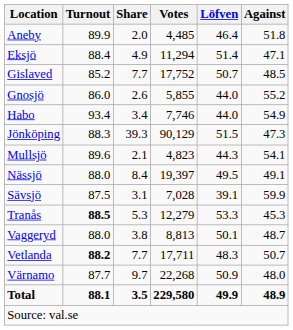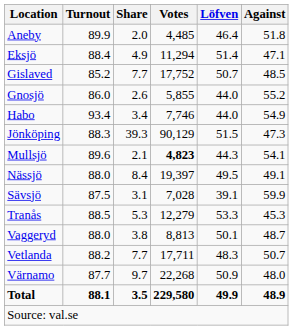 <table class="wikitable sortable" style=text-align:right>
 <tr>
 <th>Location</th>
 <th>Turnout</th>
 <th>Share</th>
 <th>Votes</th>
 <th><a href='#'>Löfven</a></th>
 <th>Against</th>
 </tr>
 <tr>
 <td align=left><a href='#'>Aneby</a></td>
 <td>89.9</td>
 <td>2.0</td>
 <td>4,485</td>
 <td>46.4</td>
 <td>51.8</td>
 </tr>
 <tr>
 <td align=left><a href='#'>Eksjö</a></td>
 <td>88.4</td>
 <td>4.9</td>
 <td>11,294</td>
 <td>51.4</td>
 <td>47.1</td>
 </tr>
 <tr>
 <td align=left><a href='#'>Gislaved</a></td>
 <td>85.2</td>
 <td>7.7</td>
 <td>17,752</td>
 <td>50.7</td>
 <td>48.5</td>
 </tr>
 <tr>
 <td align=left><a href='#'>Gnosjö</a></td>
 <td>86.0</td>
 <td>2.6</td>
 <td>5,855</td>
 <td>44.0</td>
 <td>55.2</td>
 </tr>
 <tr>
 <td align=left><a href='#'>Habo</a></td>
 <td>93.4</td>
 <td>3.4</td>
 <td>7,746</td>
 <td>44.0</td>
 <td>54.9</td>
 </tr>
 <tr>
 <td align=left><a href='#'>Jönköping</a></td>
 <td>88.3</td>
 <td>39.3</td>
 <td>90,129</td>
 <td>51.5</td>
 <td>47.3</td>
 </tr>
 <tr>
 <td align=left><a href='#'>Mullsjö</a></td>
 <td>89.6</td>
 <td>2.1</td>
-<td>4,823</td>
+<td><strong>4,823</strong></td>
 <td>44.3</td>
 <td>54.1</td>
 </tr>
 <tr>
 <td align=left><a href='#'>Nässjö</a></td>
 <td>88.0</td>
 <td>8.4</td>
 <td>19,397</td>
 <td>49.5</td>
 <td>49.1</td>
 </tr>
 <tr>
 <td align=left><a href='#'>Sävsjö</a></td>
 <td>87.5</td>
 <td>3.1</td>
 <td>7,028</td>
 <td>39.1</td>
 <td>59.9</td>
 </tr>
 <tr>
 <td align=left><a href='#'>Tranås</a></td>
-<td><strong>88.5</strong></td>
+<td>88.5</td>
 <td>5.3</td>
 <td>12,279</td>
 <td>53.3</td>
 <td>45.3</td>
 </tr>
 <tr>
 <td align=left><a href='#'>Vaggeryd</a></td>
 <td>88.0</td>
 <td>3.8</td>
 <td>8,813</td>
 <td>50.1</td>
 <td>48.7</td>
 </tr>
 <tr>
 <td align=left><a href='#'>Vetlanda</a></td>
-<td><strong>88.2</strong></td>
+<td>88.2</td>
 <td>7.7</td>
 <td>17,711</td>
 <td>48.3</td>
 <td>50.7</td>
 </tr>
 <tr>
 <td align=left><a href='#'>Värnamo</a></td>
 <td>87.7</td>
 <td>9.7</td>
 <td>22,268</td>
 <td>50.9</td>
 <td>48.0</td>
 </tr>
 <tr>
 <td align=left><strong>Total</strong></td>
 <td><strong>88.1</strong></td>
 <td><strong>3.5</strong></td>
 <td><strong>229,580</strong></td>
 <td><strong>49.9</strong></td>
 <td><strong>48.9</strong></td>
 </tr>
 <tr>
 <td align=left colspan=6>Source: val.se</td>
 </tr>
 </table>
